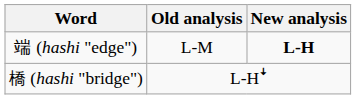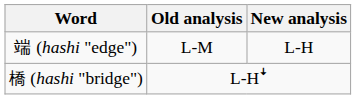 <table class="wikitable" style="text-align:center; margin:1em auto 1em auto">
 <tr>
 <th>Word</th>
 <th>Old analysis</th>
 <th>New analysis</th>
 </tr>
 <tr>
 <td>端 (<em>hashi</em> "edge")</td>
 <td>L-M</td>
-<td><strong>L-H</strong></td>
+<td>L-H</td>
 </tr>
 <tr>
 <td>橋 (<em>hashi</em> "bridge")</td>
 <td colspan=2>L-Hꜜ</td>
 </tr>
 </table>
